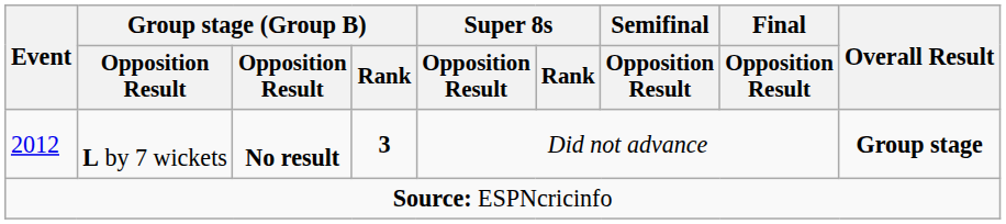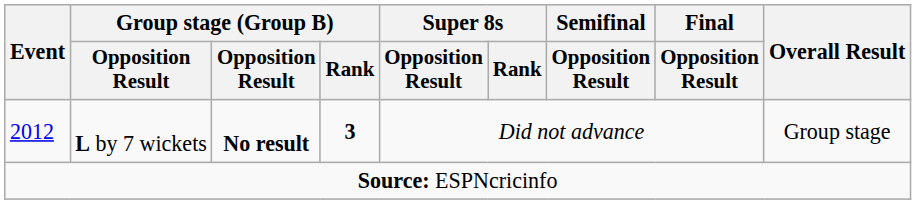 <table class=wikitable style=font-size:90%;text-align:center>
 <tr>
 <th rowspan=2>Event</th>
 <th colspan=3>Group stage (Group B)</th>
 <th colspan=2>Super 8s</th>
 <th>Semifinal</th>
 <th>Final</th>
 <th rowspan=2>Overall Result</th>
 </tr>
 <tr style=font-size:95%>
 <th>Opposition<br>Result</th>
 <th>Opposition<br>Result</th>
 <th>Rank</th>
 <th>Opposition<br>Result</th>
 <th>Rank</th>
 <th>Opposition<br>Result</th>
 <th>Opposition<br>Result</th>
 </tr>
 <tr>
 <td align=left><a href='#'>2012</a></td>
 <td><br><strong>L</strong> by 7 wickets</td>
 <td><br><strong>No result</strong></td>
 <td><strong>3</strong></td>
 <td colspan=4><em>Did not advance</em></td>
-<td><strong>Group stage</strong></td>
+<td>Group stage</td>
 </tr>
 <tr>
 <td colspan="11"><strong>Source:</strong> ESPNcricinfo</td>
 </tr>
 </table>
